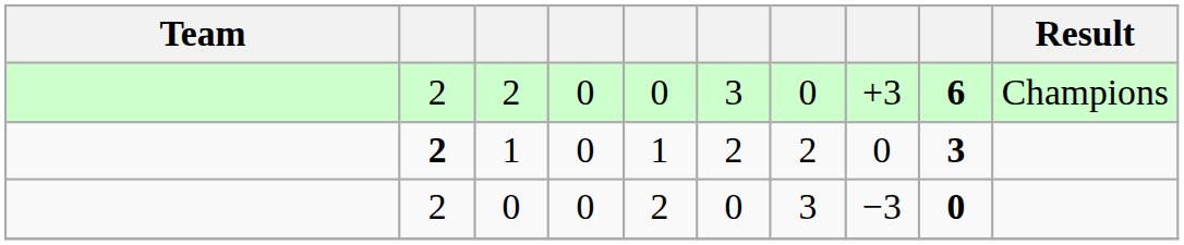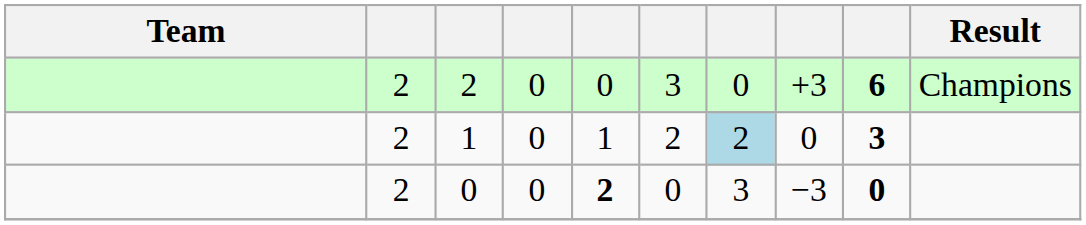 <table class="wikitable" style="text-align:center;">
 <tr>
 <th width=165>Team</th>
 <th width=25></th>
 <th width=25></th>
 <th width=25></th>
 <th width=25></th>
 <th width=25></th>
 <th width=25></th>
 <th width=25></th>
 <th width=25></th>
 <th>Result</th>
 </tr>
 <tr bgcolor="#ccffcc">
 <td style="text-align:left;"></td>
 <td>2</td>
 <td>2</td>
 <td>0</td>
 <td>0</td>
 <td>3</td>
 <td>0</td>
 <td>+3</td>
 <td><strong>6</strong></td>
 <td>Champions</td>
 </tr>
 <tr>
 <td style="text-align:left;"></td>
-<td><strong>2</strong></td>
+<td>2</td>
 <td>1</td>
 <td>0</td>
 <td>1</td>
 <td>2</td>
-<td>2</td>
+<td style="background: lightblue;">2</td>
 <td>0</td>
 <td><strong>3</strong></td>
 <td></td>
 </tr>
 <tr>
 <td style="text-align:left;"></td>
 <td>2</td>
 <td>0</td>
 <td>0</td>
-<td>2</td>
+<td><strong>2</strong></td>
 <td>0</td>
 <td>3</td>
 <td>−3</td>
 <td><strong>0</strong></td>
 <td></td>
 </tr>
 <tr>
 </tr>
 </table>
